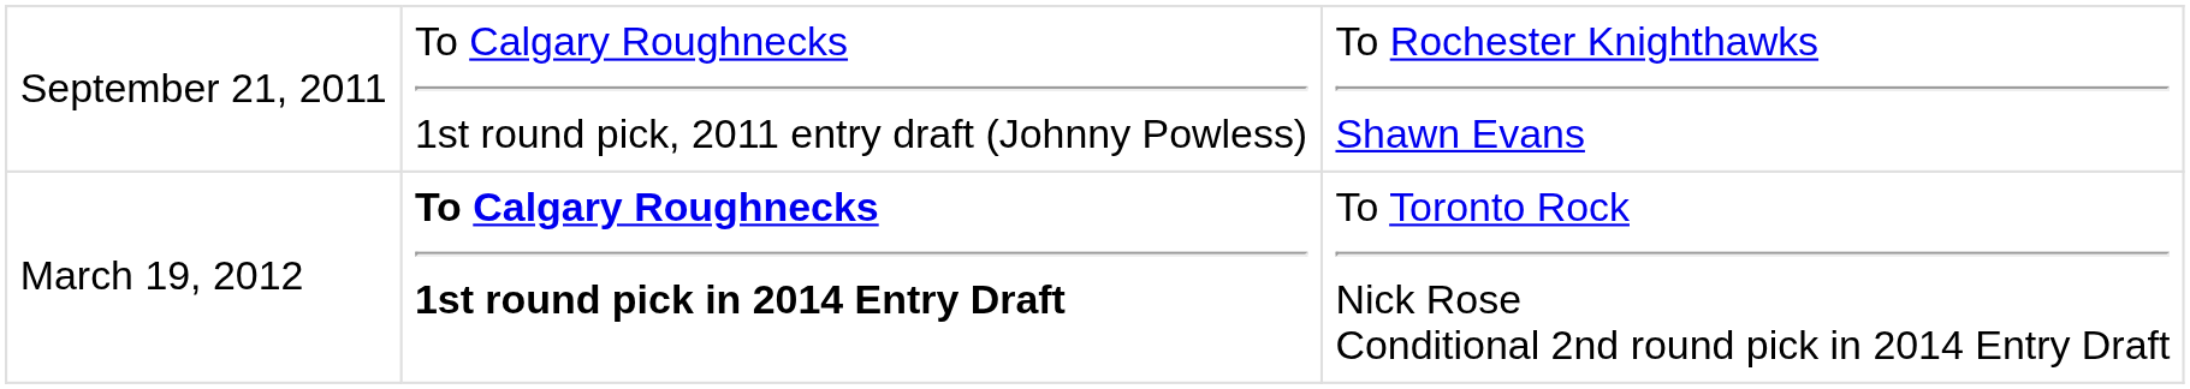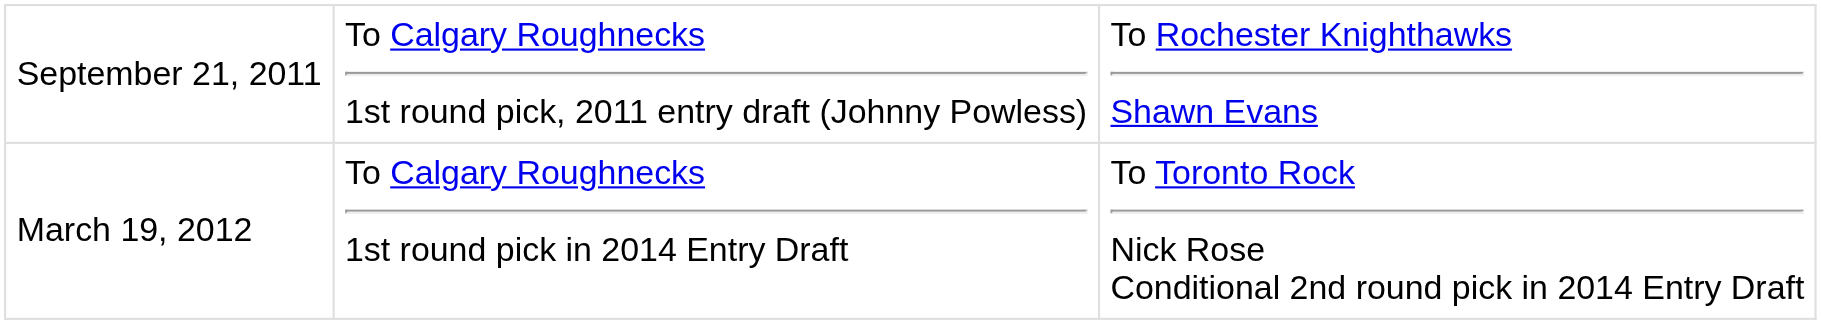 <table border=1 style="border-collapse:collapse" bordercolor="#DFDFDF"  cellpadding="5">
 <tr>
 <td>September 21, 2011<br></td>
 <td valign="top">To <a href='#'>Calgary Roughnecks</a> <hr>1st round pick, 2011 entry draft (Johnny Powless)</td>
 <td valign="top">To <a href='#'>Rochester Knighthawks</a> <hr><a href='#'>Shawn Evans</a></td>
 </tr>
 <tr>
 <td>March 19, 2012<br></td>
-<td valign="top"><strong>To <a href='#'>Calgary Roughnecks</a> <hr>1st round pick in 2014 Entry Draft</strong></td>
+<td valign="top">To <a href='#'>Calgary Roughnecks</a> <hr>1st round pick in 2014 Entry Draft</td>
 <td valign="top">To <a href='#'>Toronto Rock</a> <hr>Nick Rose<br>Conditional 2nd round pick in 2014 Entry Draft</td>
 </tr>
 </table>
